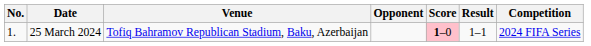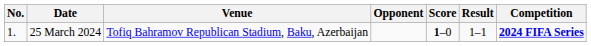 <table class="wikitable">
 <tr>
 <th>No.</th>
 <th>Date</th>
 <th>Venue</th>
 <th>Opponent</th>
 <th>Score</th>
 <th>Result</th>
 <th>Competition</th>
 </tr>
 <tr>
 <td>1.</td>
 <td>25 March 2024</td>
 <td rowspan="2"><a href='#'>Tofiq Bahramov Republican Stadium</a>, <a href='#'>Baku</a>, Azerbaijan</td>
 <td></td>
-<td align="center" style="background: pink;"><strong>1</strong>–0</td>
+<td align="center"><strong>1</strong>–0</td>
 <td align="center">1–1</td>
-<td><a href='#'>2024 FIFA Series</a></td>
+<td><strong><a href='#'>2024 FIFA Series</a></strong></td>
 </tr>
 </table>
